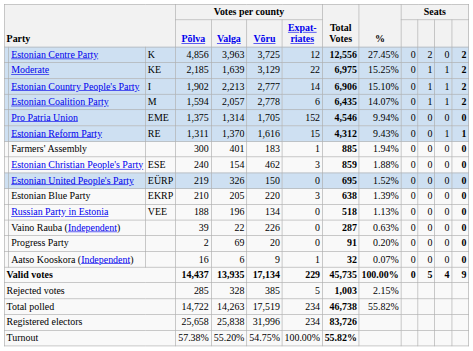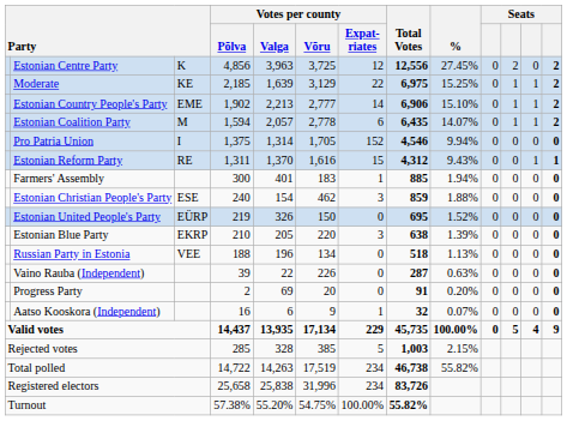 <table class="wikitable" border="1" style="text-align:right;">
 <tr>
 <th style="text-align:left;" valign=bottom rowspan=2 colspan=3>Party</th>
 <th colspan=4>Votes per county</th>
 <th align=center valign=bottom rowspan=2 width="50">Total Votes</th>
 <th align=center valign=bottom rowspan=2 width="50">%</th>
 <th colspan=4>Seats</th>
 </tr>
 <tr>
 <th align=center valign=bottom width="50"><a href='#'>Põlva</a></th>
 <th align=center valign=bottom width="50"><a href='#'>Valga</a></th>
 <th align=center valign=bottom width="50"><a href='#'>Võru</a></th>
 <th align=center valign=bottom width="50"><a href='#'>Expat- riates</a></th>
 <th align=center valign=bottom width="20"><small></small></th>
 <th align=center valign=bottom width="20"><small></small></th>
 <th align=center valign=bottom width="20"><small></small></th>
 <th align=center valign=bottom width="20"><small></small></th>
 </tr>
 <tr style="background:#CEE0F2;">
 <td style="background:"></td>
 <td align=left><a href='#'>Estonian Centre Party</a></td>
 <td align=left>K</td>
 <td>4,856</td>
 <td>3,963</td>
 <td>3,725</td>
 <td>12</td>
 <td><strong>12,556</strong></td>
 <td>27.45%</td>
 <td>0</td>
 <td>2</td>
 <td>0</td>
 <td><strong>2</strong></td>
 </tr>
 <tr style="background:#CEE0F2;">
 <td style="background:"></td>
 <td align=left><a href='#'>Moderate</a></td>
 <td align=left>KE</td>
 <td>2,185</td>
 <td>1,639</td>
 <td>3,129</td>
 <td>22</td>
 <td><strong>6,975</strong></td>
 <td>15.25%</td>
 <td>0</td>
 <td>1</td>
 <td>1</td>
 <td><strong>2</strong></td>
 </tr>
 <tr style="background:#CEE0F2;">
 <td style="background:"></td>
 <td align=left><a href='#'>Estonian Country People's Party</a></td>
-<td align=left>I</td>
+<td align=left>EME</td>
 <td>1,902</td>
 <td>2,213</td>
 <td>2,777</td>
 <td>14</td>
 <td><strong>6,906</strong></td>
 <td>15.10%</td>
 <td>0</td>
 <td>1</td>
 <td>1</td>
 <td><strong>2</strong></td>
 </tr>
 <tr style="background:#CEE0F2;">
 <td style="background:"></td>
 <td align=left><a href='#'>Estonian Coalition Party</a></td>
 <td align=left>M</td>
 <td>1,594</td>
 <td>2,057</td>
 <td>2,778</td>
 <td>6</td>
 <td><strong>6,435</strong></td>
 <td>14.07%</td>
 <td>0</td>
 <td>1</td>
 <td>1</td>
 <td><strong>2</strong></td>
 </tr>
 <tr style="background:#CEE0F2;">
 <td style="background:"></td>
 <td align=left><a href='#'>Pro Patria Union</a></td>
-<td align=left>EME</td>
+<td align=left>I</td>
 <td>1,375</td>
 <td>1,314</td>
 <td>1,705</td>
 <td>152</td>
 <td><strong>4,546</strong></td>
 <td>9.94%</td>
 <td>0</td>
 <td>0</td>
 <td>0</td>
 <td><strong>0</strong></td>
 </tr>
 <tr style="background:#CEE0F2;">
 <td style="background:"></td>
 <td align=left><a href='#'>Estonian Reform Party</a></td>
 <td align=left>RE</td>
 <td>1,311</td>
 <td>1,370</td>
 <td>1,616</td>
 <td>15</td>
 <td><strong>4,312</strong></td>
 <td>9.43%</td>
 <td>0</td>
 <td>0</td>
 <td>1</td>
 <td><strong>1</strong></td>
 </tr>
 <tr>
 <td></td>
 <td align=left>Farmers' Assembly</td>
 <td></td>
 <td>300</td>
 <td>401</td>
 <td>183</td>
 <td>1</td>
 <td><strong>885</strong></td>
 <td>1.94%</td>
 <td>0</td>
 <td>0</td>
 <td>0</td>
 <td><strong>0</strong></td>
 </tr>
 <tr>
 <td style="background:"></td>
 <td align=left><a href='#'>Estonian Christian People's Party</a></td>
 <td align=left>ESE</td>
 <td>240</td>
 <td>154</td>
 <td>462</td>
 <td>3</td>
 <td><strong>859</strong></td>
 <td>1.88%</td>
 <td>0</td>
 <td>0</td>
 <td>0</td>
 <td><strong>0</strong></td>
 </tr>
 <tr style="background:#CEE0F2;">
 <td style="background:"></td>
 <td align=left><a href='#'>Estonian United People's Party</a></td>
 <td align=left>EÜRP</td>
 <td>219</td>
 <td>326</td>
 <td>150</td>
 <td>0</td>
 <td><strong>695</strong></td>
 <td>1.52%</td>
 <td>0</td>
 <td>0</td>
 <td>0</td>
 <td><strong>0</strong></td>
 </tr>
 <tr>
 <td></td>
 <td align=left>Estonian Blue Party</td>
 <td align=left>EKRP</td>
 <td>210</td>
 <td>205</td>
 <td>220</td>
 <td>3</td>
 <td><strong>638</strong></td>
 <td>1.39%</td>
 <td>0</td>
 <td>0</td>
 <td>0</td>
 <td><strong>0</strong></td>
 </tr>
 <tr>
 <td></td>
 <td align=left><a href='#'>Russian Party in Estonia</a></td>
 <td align=left>VEE</td>
 <td>188</td>
 <td>196</td>
 <td>134</td>
 <td>0</td>
 <td><strong>518</strong></td>
 <td>1.13%</td>
 <td>0</td>
 <td>0</td>
 <td>0</td>
 <td><strong>0</strong></td>
 </tr>
 <tr>
 <td style="background:"></td>
 <td align=left>Vaino Rauba (<a href='#'>Independent</a>)</td>
 <td></td>
 <td>39</td>
 <td>22</td>
 <td>226</td>
 <td>0</td>
 <td><strong>287</strong></td>
 <td>0.63%</td>
 <td>0</td>
 <td>0</td>
 <td>0</td>
 <td><strong>0</strong></td>
 </tr>
 <tr>
 <td></td>
 <td align=left>Progress Party</td>
 <td></td>
 <td>2</td>
 <td>69</td>
 <td>20</td>
 <td>0</td>
 <td><strong>91</strong></td>
 <td>0.20%</td>
 <td>0</td>
 <td>0</td>
 <td>0</td>
 <td><strong>0</strong></td>
 </tr>
 <tr>
 <td style="background:"></td>
 <td align=left>Aatso Kooskora (<a href='#'>Independent</a>)</td>
 <td></td>
 <td>16</td>
 <td>6</td>
 <td>9</td>
 <td>1</td>
 <td><strong>32</strong></td>
 <td>0.07%</td>
 <td>0</td>
 <td>0</td>
 <td>0</td>
 <td><strong>0</strong></td>
 </tr>
 <tr style="font-weight:bold">
 <td align=left colspan=3>Valid votes</td>
 <td>14,437</td>
 <td>13,935</td>
 <td>17,134</td>
 <td>229</td>
 <td>45,735</td>
 <td>100.00%</td>
 <td>0</td>
 <td>5</td>
 <td>4</td>
 <td>9</td>
 </tr>
 <tr>
 <td align=left colspan=3>Rejected votes</td>
 <td>285</td>
 <td>328</td>
 <td>385</td>
 <td>5</td>
 <td><strong>1,003</strong></td>
 <td>2.15%</td>
 <td></td>
 <td></td>
 <td></td>
 <td></td>
 </tr>
 <tr>
 <td align=left colspan=3>Total polled</td>
 <td>14,722</td>
 <td>14,263</td>
 <td>17,519</td>
 <td>234</td>
 <td><strong>46,738</strong></td>
 <td>55.82%</td>
 <td></td>
 <td></td>
 <td></td>
 <td></td>
 </tr>
 <tr>
 <td align=left colspan=3>Registered electors</td>
 <td>25,658</td>
 <td>25,838</td>
 <td>31,996</td>
 <td>234</td>
 <td><strong>83,726</strong></td>
 <td></td>
 <td></td>
 <td></td>
 <td></td>
 <td></td>
 </tr>
 <tr>
 <td align=left colspan=3>Turnout</td>
 <td>57.38%</td>
 <td>55.20%</td>
 <td>54.75%</td>
 <td>100.00%</td>
 <td><strong>55.82%</strong></td>
 <td></td>
 <td></td>
 <td></td>
 <td></td>
 <td></td>
 </tr>
 </table>
